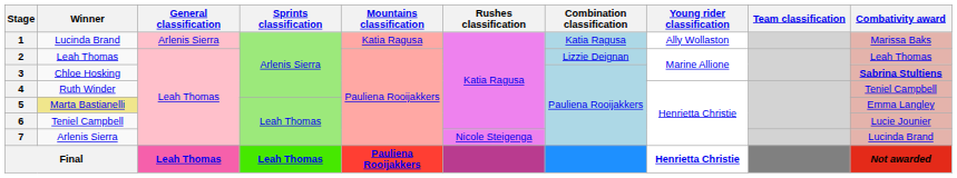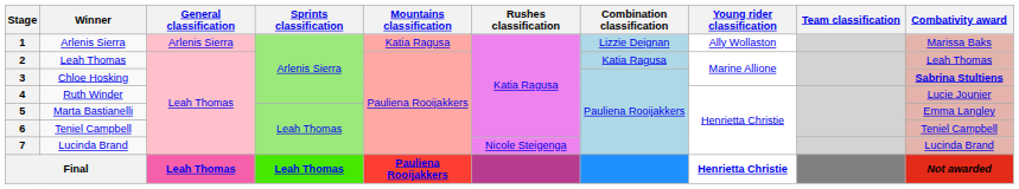 <table class="wikitable" style="text-align: center; font-size:smaller;">
 <tr>
 <th style="width:1%;">Stage</th>
 <th style="width:11%;">Winner</th>
 <th style="width:11%;"><a href='#'>General classification</a><br></th>
 <th style="width:11%;"><a href='#'>Sprints classification</a><br></th>
 <th style="width:11%;"><a href='#'>Mountains classification</a><br></th>
 <th style="width:11%;">Rushes classification<br></th>
 <th style="width:11%;">Combination classification<br></th>
 <th style="width:11%;"><a href='#'>Young rider classification</a><br></th>
 <th style="width:11%;"><a href='#'>Team classification</a></th>
 <th style="width:11%;"><a href='#'>Combativity award</a><br></th>
 </tr>
 <tr>
 <th>1</th>
-<td><a href='#'>Lucinda Brand</a></td>
+<td><a href='#'>Arlenis Sierra</a></td>
 <td style="background:pink;"><a href='#'>Arlenis Sierra</a></td>
 <td style="background:#9CE97B;" rowspan="4"><a href='#'>Arlenis Sierra</a></td>
 <td style="background:#FFA8A4;"><a href='#'>Katia Ragusa</a></td>
 <td style="background:violet;" rowspan="6"><a href='#'>Katia Ragusa</a></td>
-<td style="background:lightblue;"><a href='#'>Katia Ragusa</a></td>
+<td style="background:lightblue;"><a href='#'>Lizzie Deignan</a></td>
 <td style="background:white;"><a href='#'>Ally Wollaston</a></td>
 <td style="background:lightgrey;"></td>
 <td style="background:#E4B3AB;"><a href='#'>Marissa Baks</a></td>
 </tr>
 <tr>
 <th>2</th>
 <td><a href='#'>Leah Thomas</a></td>
 <td style="background:pink;" rowspan="6"><a href='#'>Leah Thomas</a></td>
 <td style="background:#FFA8A4;" rowspan="6"><a href='#'>Pauliena Rooijakkers</a></td>
-<td style="background:lightblue;"><a href='#'>Lizzie Deignan</a></td>
+<td style="background:lightblue;"><a href='#'>Katia Ragusa</a></td>
 <td style="background:white;" rowspan="2"><a href='#'>Marine Allione</a></td>
 <td style="background:lightgrey;" rowspan="2"></td>
 <td style="background:#E4B3AB;"><a href='#'>Leah Thomas</a></td>
 </tr>
 <tr>
 <th>3</th>
 <td><a href='#'>Chloe Hosking</a></td>
 <td style="background:lightblue;" rowspan="5"><a href='#'>Pauliena Rooijakkers</a></td>
 <td style="background:#E4B3AB;"><strong><a href='#'>Sabrina Stultiens</a></strong></td>
 </tr>
 <tr>
 <th>4</th>
 <td><a href='#'>Ruth Winder</a></td>
 <td style="background:white;" rowspan="4"><a href='#'>Henrietta Christie</a></td>
 <td style="background:lightgrey;" rowspan="3"></td>
-<td style="background:#E4B3AB;"><a href='#'>Teniel Campbell</a></td>
+<td style="background:#E4B3AB;"><a href='#'>Lucie Jounier</a></td>
 </tr>
 <tr>
 <th>5</th>
-<td style="background: khaki;"><a href='#'>Marta Bastianelli</a></td>
+<td><a href='#'>Marta Bastianelli</a></td>
 <td style="background:#9CE97B;" rowspan="3"><a href='#'>Leah Thomas</a></td>
 <td style="background:#E4B3AB;"><a href='#'>Emma Langley</a></td>
 </tr>
 <tr>
 <th>6</th>
 <td><a href='#'>Teniel Campbell</a></td>
-<td style="background:#E4B3AB;"><a href='#'>Lucie Jounier</a></td>
+<td style="background:#E4B3AB;"><a href='#'>Teniel Campbell</a></td>
 </tr>
 <tr>
 <th>7</th>
-<td><a href='#'>Arlenis Sierra</a></td>
+<td><a href='#'>Lucinda Brand</a></td>
 <td style="background:violet;"><a href='#'>Nicole Steigenga</a></td>
 <td style="background:lightgrey;"></td>
 <td style="background:#E4B3AB;"><a href='#'>Lucinda Brand</a></td>
 </tr>
 <tr>
 <th colspan="2">Final</th>
 <th style="background:#F660AB;"><a href='#'>Leah Thomas</a></th>
 <th style="background:#46E800;"><a href='#'>Leah Thomas</a></th>
 <th style="background:#FF3E33;"><a href='#'>Pauliena Rooijakkers</a></th>
 <th style="background:#B93B8F;"></th>
 <th style="background:dodgerblue;"></th>
 <th style="background:white;"><a href='#'>Henrietta Christie</a></th>
 <th style="background:grey;"></th>
 <th style="background:#E42A19;"><em>Not awarded</em></th>
 </tr>
 </table>
